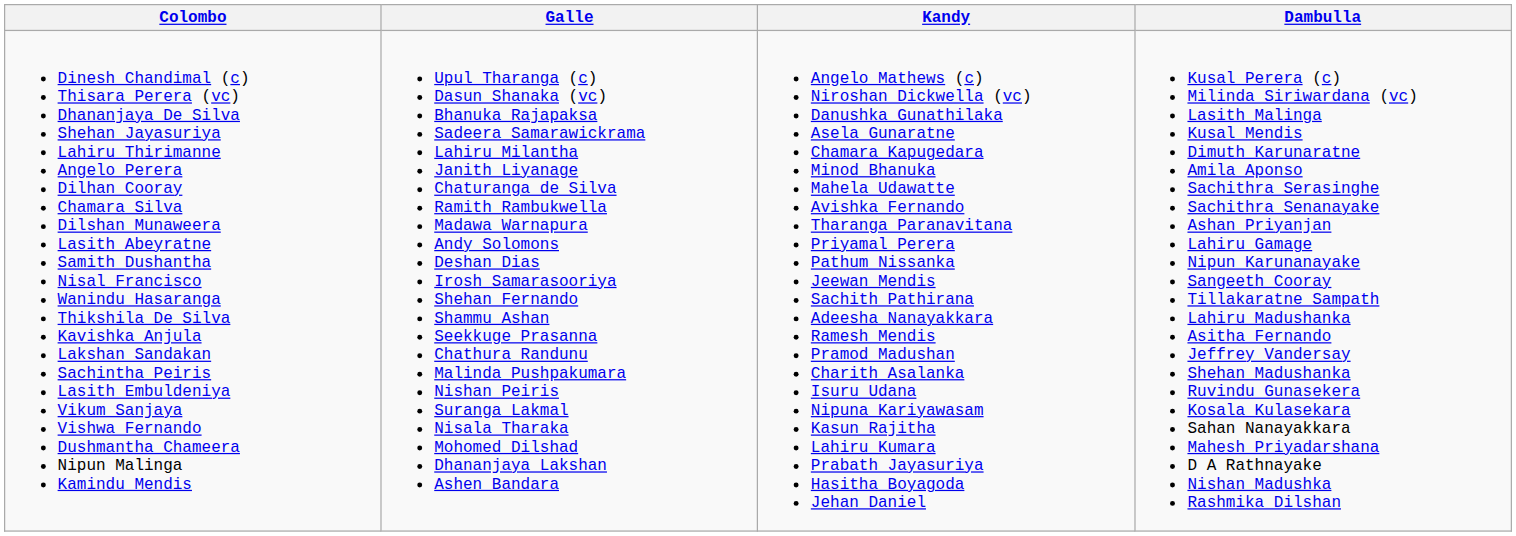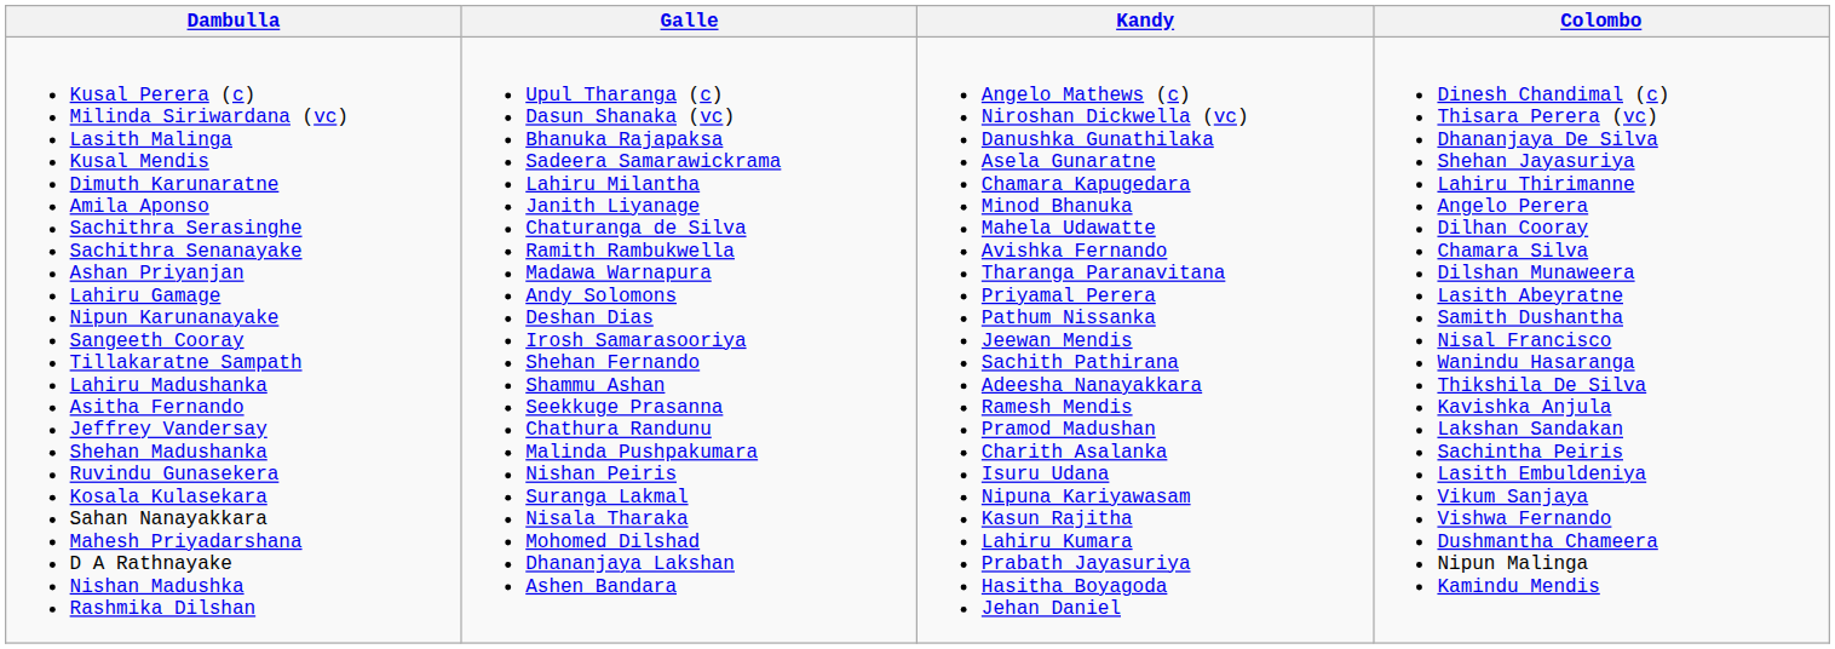 <table class="wikitable">
 <tr>
-<th width=300><a href='#'>Colombo</a></th>
+<th width=300><a href='#'>Dambulla</a></th>
 <th width=300><a href='#'>Galle</a></th>
 <th width=300><a href='#'>Kandy</a></th>
-<th width=300><a href='#'>Dambulla</a></th>
+<th width=300><a href='#'>Colombo</a></th>
 </tr>
 <tr>
-<td valign=top><br><ul><li><a href='#'>Dinesh Chandimal</a> (<a href='#'>c</a>)</li><li><a href='#'>Thisara Perera</a> (<a href='#'>vc</a>)</li><li><a href='#'>Dhananjaya De Silva</a></li><li><a href='#'>Shehan Jayasuriya</a></li><li><a href='#'>Lahiru Thirimanne</a></li><li><a href='#'>Angelo Perera</a></li><li><a href='#'>Dilhan Cooray</a></li><li><a href='#'>Chamara Silva</a></li><li><a href='#'>Dilshan Munaweera</a></li><li><a href='#'>Lasith Abeyratne</a></li><li><a href='#'>Samith Dushantha</a></li><li><a href='#'>Nisal Francisco</a></li><li><a href='#'>Wanindu Hasaranga</a></li><li><a href='#'>Thikshila De Silva</a></li><li><a href='#'>Kavishka Anjula</a></li><li><a href='#'>Lakshan Sandakan</a></li><li><a href='#'>Sachintha Peiris</a></li><li><a href='#'>Lasith Embuldeniya</a></li><li><a href='#'>Vikum Sanjaya</a></li><li><a href='#'>Vishwa Fernando</a></li><li><a href='#'>Dushmantha Chameera</a></li><li>Nipun Malinga</li><li><a href='#'>Kamindu Mendis</a></li></ul></td>
+<td valign=top><br><ul><li><a href='#'>Kusal Perera</a> (<a href='#'>c</a>)</li><li><a href='#'>Milinda Siriwardana</a> (<a href='#'>vc</a>)</li><li><a href='#'>Lasith Malinga</a></li><li><a href='#'>Kusal Mendis</a></li><li><a href='#'>Dimuth Karunaratne</a></li><li><a href='#'>Amila Aponso</a></li><li><a href='#'>Sachithra Serasinghe</a></li><li><a href='#'>Sachithra Senanayake</a></li><li><a href='#'>Ashan Priyanjan</a></li><li><a href='#'>Lahiru Gamage</a></li><li><a href='#'>Nipun Karunanayake</a></li><li><a href='#'>Sangeeth Cooray</a></li><li><a href='#'>Tillakaratne Sampath</a></li><li><a href='#'>Lahiru Madushanka</a></li><li><a href='#'>Asitha Fernando</a></li><li><a href='#'>Jeffrey Vandersay</a></li><li><a href='#'>Shehan Madushanka</a></li><li><a href='#'>Ruvindu Gunasekera</a></li><li><a href='#'>Kosala Kulasekara</a></li><li>Sahan Nanayakkara</li><li><a href='#'>Mahesh Priyadarshana</a></li><li>D A Rathnayake</li><li><a href='#'>Nishan Madushka</a></li><li><a href='#'>Rashmika Dilshan</a></li></ul></td>
 <td valign=top><br><ul><li><a href='#'>Upul Tharanga</a> (<a href='#'>c</a>)</li><li><a href='#'>Dasun Shanaka</a> (<a href='#'>vc</a>)</li><li><a href='#'>Bhanuka Rajapaksa</a></li><li><a href='#'>Sadeera Samarawickrama</a></li><li><a href='#'>Lahiru Milantha</a></li><li><a href='#'>Janith Liyanage</a></li><li><a href='#'>Chaturanga de Silva</a></li><li><a href='#'>Ramith Rambukwella</a></li><li><a href='#'>Madawa Warnapura</a></li><li><a href='#'>Andy Solomons</a></li><li><a href='#'>Deshan Dias</a></li><li><a href='#'>Irosh Samarasooriya</a></li><li><a href='#'>Shehan Fernando</a></li><li><a href='#'>Shammu Ashan</a></li><li><a href='#'>Seekkuge Prasanna</a></li><li><a href='#'>Chathura Randunu</a></li><li><a href='#'>Malinda Pushpakumara</a></li><li><a href='#'>Nishan Peiris</a></li><li><a href='#'>Suranga Lakmal</a></li><li><a href='#'>Nisala Tharaka</a></li><li><a href='#'>Mohomed Dilshad</a></li><li><a href='#'>Dhananjaya Lakshan</a></li><li><a href='#'>Ashen Bandara</a></li></ul></td>
 <td valign=top><br><ul><li><a href='#'>Angelo Mathews</a> (<a href='#'>c</a>)</li><li><a href='#'>Niroshan Dickwella</a> (<a href='#'>vc</a>)</li><li><a href='#'>Danushka Gunathilaka</a></li><li><a href='#'>Asela Gunaratne</a></li><li><a href='#'>Chamara Kapugedara</a></li><li><a href='#'>Minod Bhanuka</a></li><li><a href='#'>Mahela Udawatte</a></li><li><a href='#'>Avishka Fernando</a></li><li><a href='#'>Tharanga Paranavitana</a></li><li><a href='#'>Priyamal Perera</a></li><li><a href='#'>Pathum Nissanka</a></li><li><a href='#'>Jeewan Mendis</a></li><li><a href='#'>Sachith Pathirana</a></li><li><a href='#'>Adeesha Nanayakkara</a></li><li><a href='#'>Ramesh Mendis</a></li><li><a href='#'>Pramod Madushan</a></li><li><a href='#'>Charith Asalanka</a></li><li><a href='#'>Isuru Udana</a></li><li><a href='#'>Nipuna Kariyawasam</a></li><li><a href='#'>Kasun Rajitha</a></li><li><a href='#'>Lahiru Kumara</a></li><li><a href='#'>Prabath Jayasuriya</a></li><li><a href='#'>Hasitha Boyagoda</a></li><li><a href='#'>Jehan Daniel</a></li></ul></td>
-<td valign=top><br><ul><li><a href='#'>Kusal Perera</a> (<a href='#'>c</a>)</li><li><a href='#'>Milinda Siriwardana</a> (<a href='#'>vc</a>)</li><li><a href='#'>Lasith Malinga</a></li><li><a href='#'>Kusal Mendis</a></li><li><a href='#'>Dimuth Karunaratne</a></li><li><a href='#'>Amila Aponso</a></li><li><a href='#'>Sachithra Serasinghe</a></li><li><a href='#'>Sachithra Senanayake</a></li><li><a href='#'>Ashan Priyanjan</a></li><li><a href='#'>Lahiru Gamage</a></li><li><a href='#'>Nipun Karunanayake</a></li><li><a href='#'>Sangeeth Cooray</a></li><li><a href='#'>Tillakaratne Sampath</a></li><li><a href='#'>Lahiru Madushanka</a></li><li><a href='#'>Asitha Fernando</a></li><li><a href='#'>Jeffrey Vandersay</a></li><li><a href='#'>Shehan Madushanka</a></li><li><a href='#'>Ruvindu Gunasekera</a></li><li><a href='#'>Kosala Kulasekara</a></li><li>Sahan Nanayakkara</li><li><a href='#'>Mahesh Priyadarshana</a></li><li>D A Rathnayake</li><li><a href='#'>Nishan Madushka</a></li><li><a href='#'>Rashmika Dilshan</a></li></ul></td>
+<td valign=top><br><ul><li><a href='#'>Dinesh Chandimal</a> (<a href='#'>c</a>)</li><li><a href='#'>Thisara Perera</a> (<a href='#'>vc</a>)</li><li><a href='#'>Dhananjaya De Silva</a></li><li><a href='#'>Shehan Jayasuriya</a></li><li><a href='#'>Lahiru Thirimanne</a></li><li><a href='#'>Angelo Perera</a></li><li><a href='#'>Dilhan Cooray</a></li><li><a href='#'>Chamara Silva</a></li><li><a href='#'>Dilshan Munaweera</a></li><li><a href='#'>Lasith Abeyratne</a></li><li><a href='#'>Samith Dushantha</a></li><li><a href='#'>Nisal Francisco</a></li><li><a href='#'>Wanindu Hasaranga</a></li><li><a href='#'>Thikshila De Silva</a></li><li><a href='#'>Kavishka Anjula</a></li><li><a href='#'>Lakshan Sandakan</a></li><li><a href='#'>Sachintha Peiris</a></li><li><a href='#'>Lasith Embuldeniya</a></li><li><a href='#'>Vikum Sanjaya</a></li><li><a href='#'>Vishwa Fernando</a></li><li><a href='#'>Dushmantha Chameera</a></li><li>Nipun Malinga</li><li><a href='#'>Kamindu Mendis</a></li></ul></td>
 </tr>
 </table>
